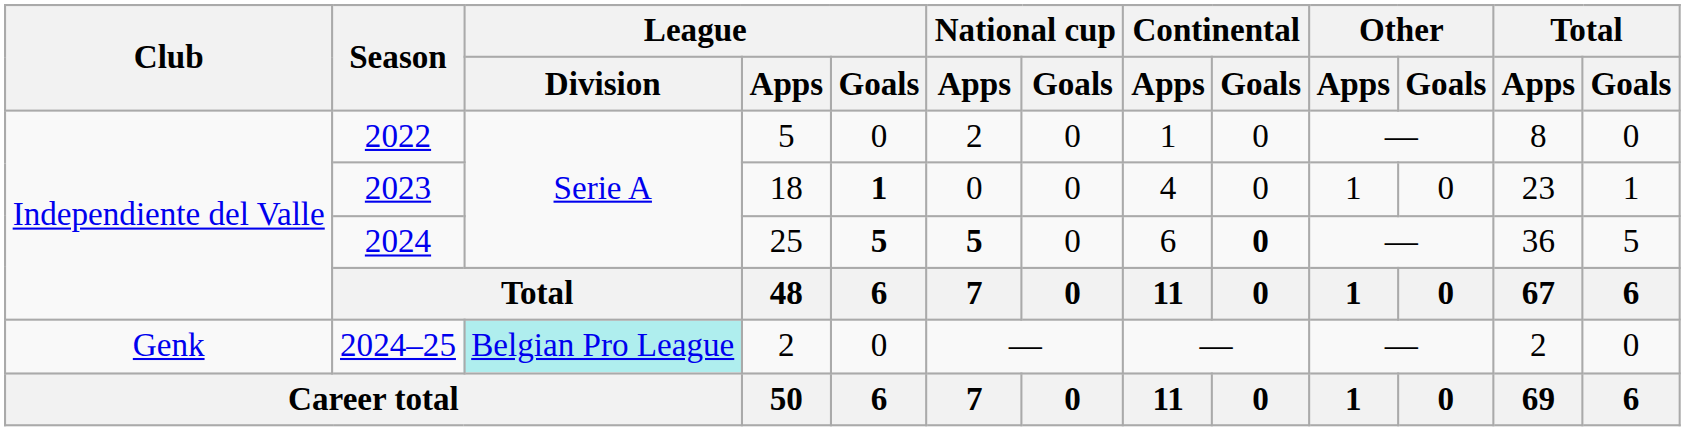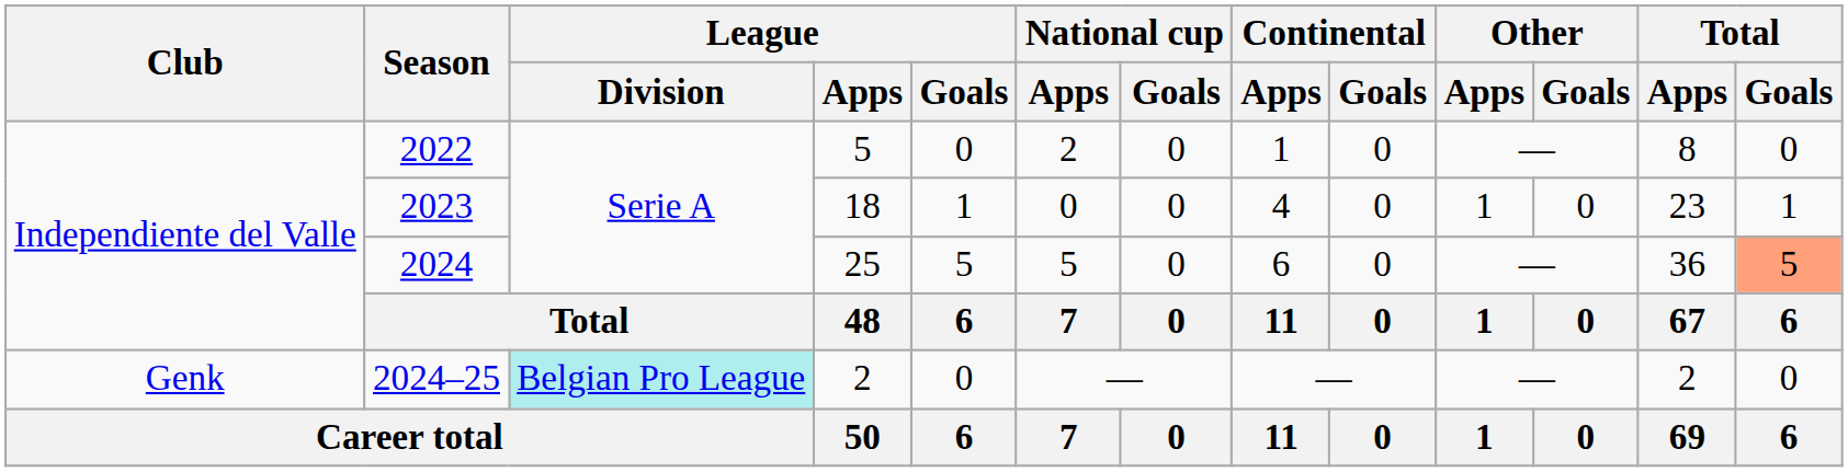 <table class="wikitable" style="text-align: center;">
 <tr>
 <th rowspan="2">Club</th>
 <th rowspan="2">Season</th>
 <th colspan="3">League</th>
 <th colspan="2">National cup</th>
 <th colspan="2">Continental</th>
 <th colspan="2">Other</th>
 <th colspan="2">Total</th>
 </tr>
 <tr>
 <th>Division</th>
 <th>Apps</th>
 <th>Goals</th>
 <th>Apps</th>
 <th>Goals</th>
 <th>Apps</th>
 <th>Goals</th>
 <th>Apps</th>
 <th>Goals</th>
 <th>Apps</th>
 <th>Goals</th>
 </tr>
 <tr>
 <td rowspan="4"><a href='#'>Independiente del Valle</a></td>
 <td><a href='#'>2022</a></td>
 <td rowspan="3"><a href='#'>Serie A</a></td>
 <td>5</td>
 <td>0</td>
 <td>2</td>
 <td>0</td>
 <td>1</td>
 <td>0</td>
 <td colspan="2">—</td>
 <td>8</td>
 <td>0</td>
 </tr>
 <tr>
 <td><a href='#'>2023</a></td>
 <td>18</td>
-<td><strong>1</strong></td>
+<td>1</td>
 <td>0</td>
 <td>0</td>
 <td>4</td>
 <td>0</td>
 <td>1</td>
 <td>0</td>
 <td>23</td>
 <td>1</td>
 </tr>
 <tr>
 <td><a href='#'>2024</a></td>
 <td>25</td>
-<td><strong>5</strong></td>
-<td><strong>5</strong></td>
+<td>5</td>
+<td>5</td>
 <td>0</td>
 <td>6</td>
-<td><strong>0</strong></td>
+<td>0</td>
 <td colspan="2">—</td>
 <td>36</td>
-<td>5</td>
+<td style="background: lightsalmon;">5</td>
 </tr>
 <tr>
 <th colspan="2">Total</th>
 <th>48</th>
 <th>6</th>
 <th>7</th>
 <th>0</th>
 <th>11</th>
 <th>0</th>
 <th>1</th>
 <th>0</th>
 <th>67</th>
 <th>6</th>
 </tr>
 <tr>
 <td><a href='#'>Genk</a></td>
 <td><a href='#'>2024–25</a></td>
 <td style="background: paleturquoise;"><a href='#'>Belgian Pro League</a></td>
 <td>2</td>
 <td>0</td>
 <td colspan="2">—</td>
 <td colspan="2">—</td>
 <td colspan="2">—</td>
 <td>2</td>
 <td>0</td>
 </tr>
 <tr>
 <th colspan="3">Career total</th>
 <th>50</th>
 <th>6</th>
 <th>7</th>
 <th>0</th>
 <th>11</th>
 <th>0</th>
 <th>1</th>
 <th>0</th>
 <th>69</th>
 <th>6</th>
 </tr>
 </table>
